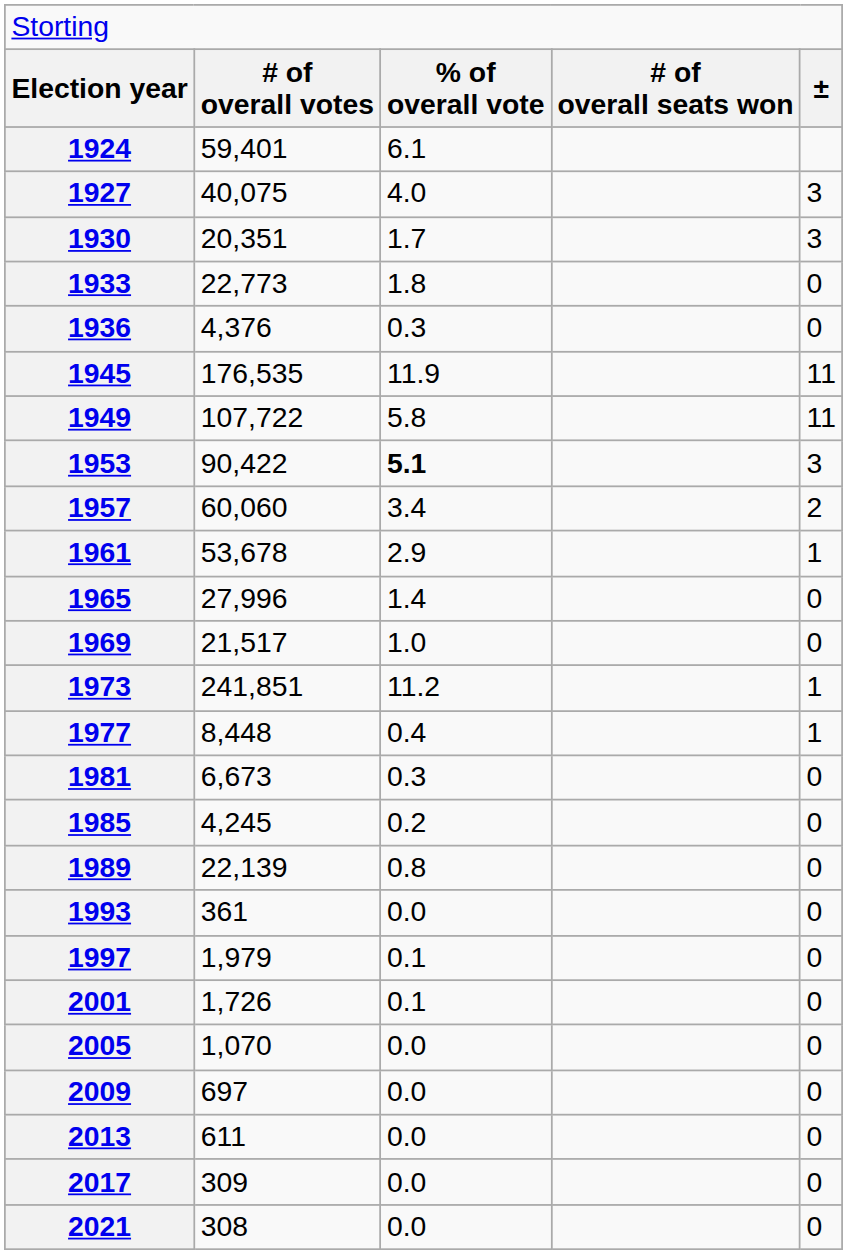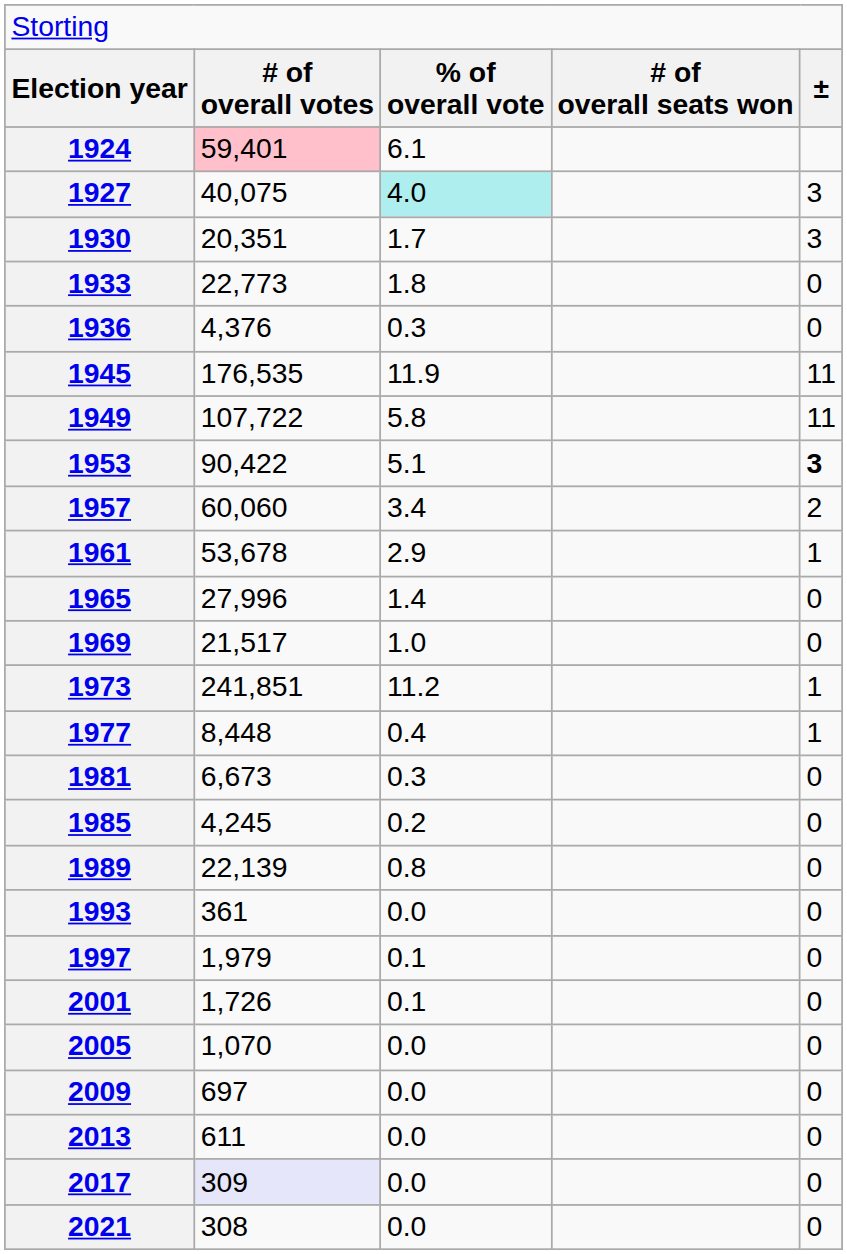 <table class=wikitable>
 <tr>
 <td colspan=6><a href='#'>Storting</a></td>
 </tr>
 <tr>
 <th>Election year</th>
 <th># of<br>overall votes</th>
 <th>% of<br>overall vote</th>
 <th># of<br>overall seats won</th>
 <th>±</th>
 </tr>
 <tr>
 <th><a href='#'>1924</a></th>
-<td>59,401</td>
+<td style="background: pink;">59,401</td>
 <td>6.1</td>
 <td></td>
 <td></td>
 </tr>
 <tr>
 <th><a href='#'>1927</a></th>
 <td>40,075</td>
-<td>4.0</td>
+<td style="background: paleturquoise;">4.0</td>
 <td></td>
 <td>3</td>
 </tr>
 <tr>
 <th><a href='#'>1930</a></th>
 <td>20,351</td>
 <td>1.7</td>
 <td></td>
 <td>3</td>
 </tr>
 <tr>
 <th><a href='#'>1933</a></th>
 <td>22,773</td>
 <td>1.8</td>
 <td></td>
 <td>0</td>
 </tr>
 <tr>
 <th><a href='#'>1936</a></th>
 <td>4,376</td>
 <td>0.3</td>
 <td></td>
 <td>0</td>
 </tr>
 <tr>
 <th><a href='#'>1945</a></th>
 <td>176,535</td>
 <td>11.9</td>
 <td></td>
 <td>11</td>
 </tr>
 <tr>
 <th><a href='#'>1949</a></th>
 <td>107,722</td>
 <td>5.8</td>
 <td></td>
 <td>11</td>
 </tr>
 <tr>
 <th><a href='#'>1953</a></th>
 <td>90,422</td>
-<td><strong>5.1</strong></td>
+<td>5.1</td>
 <td></td>
-<td>3</td>
+<td><strong>3</strong></td>
 </tr>
 <tr>
 <th><a href='#'>1957</a></th>
 <td>60,060</td>
 <td>3.4</td>
 <td></td>
 <td>2</td>
 </tr>
 <tr>
 <th><a href='#'>1961</a></th>
 <td>53,678</td>
 <td>2.9</td>
 <td></td>
 <td>1</td>
 </tr>
 <tr>
 <th><a href='#'>1965</a></th>
 <td>27,996</td>
 <td>1.4</td>
 <td></td>
 <td>0</td>
 </tr>
 <tr>
 <th><a href='#'>1969</a></th>
 <td>21,517</td>
 <td>1.0</td>
 <td></td>
 <td>0</td>
 </tr>
 <tr>
 <th><a href='#'>1973</a></th>
 <td>241,851</td>
 <td>11.2</td>
 <td></td>
 <td>1</td>
 </tr>
 <tr>
 <th><a href='#'>1977</a></th>
 <td>8,448</td>
 <td>0.4</td>
 <td></td>
 <td>1</td>
 </tr>
 <tr>
 <th><a href='#'>1981</a></th>
 <td>6,673</td>
 <td>0.3</td>
 <td></td>
 <td>0</td>
 </tr>
 <tr>
 <th><a href='#'>1985</a></th>
 <td>4,245</td>
 <td>0.2</td>
 <td></td>
 <td>0</td>
 </tr>
 <tr>
 <th><a href='#'>1989</a></th>
 <td>22,139</td>
 <td>0.8</td>
 <td></td>
 <td>0</td>
 </tr>
 <tr>
 <th><a href='#'>1993</a></th>
 <td>361</td>
 <td>0.0</td>
 <td></td>
 <td>0</td>
 </tr>
 <tr>
 <th><a href='#'>1997</a></th>
 <td>1,979</td>
 <td>0.1</td>
 <td></td>
 <td>0</td>
 </tr>
 <tr>
 <th><a href='#'>2001</a></th>
 <td>1,726</td>
 <td>0.1</td>
 <td></td>
 <td>0</td>
 </tr>
 <tr>
 <th><a href='#'>2005</a></th>
 <td>1,070</td>
 <td>0.0</td>
 <td></td>
 <td>0</td>
 </tr>
 <tr>
 <th><a href='#'>2009</a></th>
 <td>697</td>
 <td>0.0</td>
 <td></td>
 <td>0</td>
 </tr>
 <tr>
 <th><a href='#'>2013</a></th>
 <td>611</td>
 <td>0.0</td>
 <td></td>
 <td>0</td>
 </tr>
 <tr>
 <th><a href='#'>2017</a></th>
-<td>309</td>
+<td style="background: lavender;">309</td>
 <td>0.0</td>
 <td></td>
 <td>0</td>
 </tr>
 <tr>
 <th><a href='#'>2021</a></th>
 <td>308</td>
 <td>0.0</td>
 <td></td>
 <td>0</td>
 </tr>
 </table>
